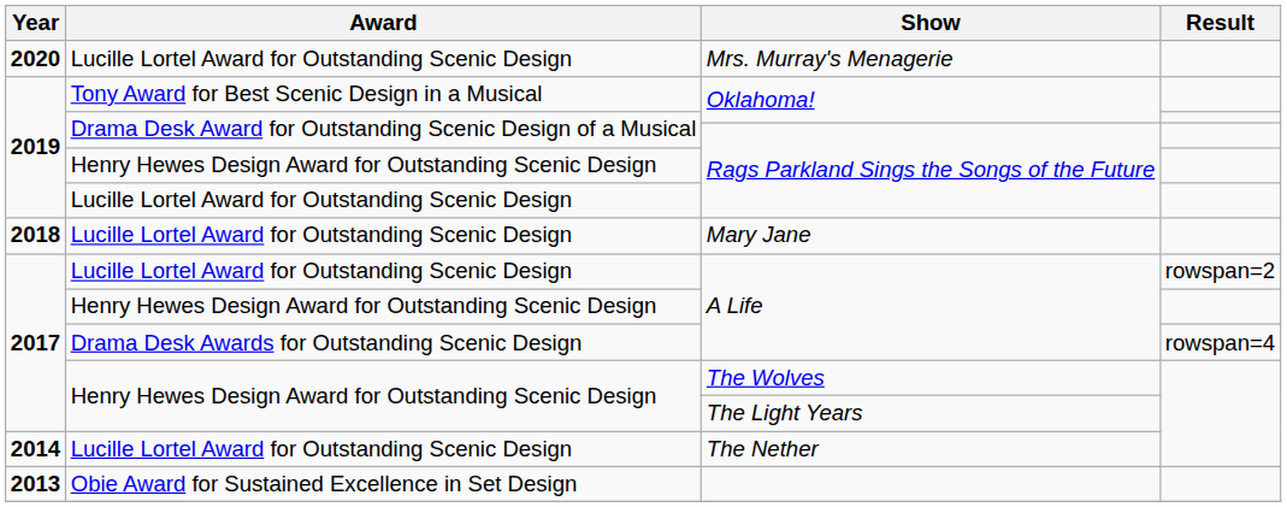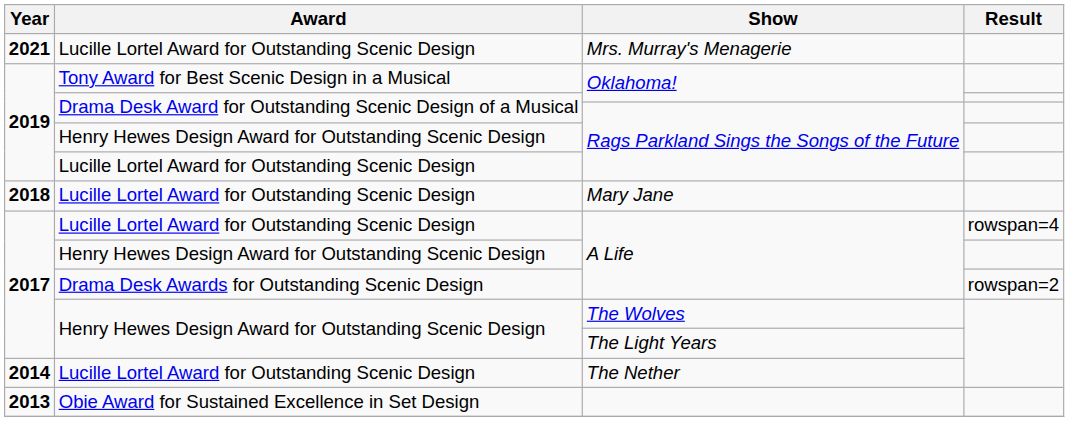 <table class="wikitable">
 <tr>
 <th>Year</th>
 <th>Award</th>
 <th>Show</th>
 <th>Result</th>
 </tr>
 <tr>
-<td><strong>2020</strong></td>
+<td><strong>2021</strong></td>
 <td>Lucille Lortel Award for Outstanding Scenic Design</td>
 <td><em>Mrs. Murray's Menagerie</em></td>
 <td></td>
 </tr>
 <tr>
 <td rowspan=5><strong>2019</strong></td>
 <td><a href='#'>Tony Award</a> for Best Scenic Design in a Musical</td>
 <td rowspan=2><em><a href='#'>Oklahoma!</a></em></td>
 <td></td>
 </tr>
 <tr>
 <td rowspan=2><a href='#'>Drama Desk Award</a> for Outstanding Scenic Design of a Musical</td>
 <td></td>
 </tr>
 <tr>
 <td rowspan=3><em><a href='#'>Rags Parkland Sings the Songs of the Future</a></em></td>
 <td></td>
 </tr>
 <tr>
 <td>Henry Hewes Design Award for Outstanding Scenic Design</td>
 <td></td>
 </tr>
 <tr>
 <td>Lucille Lortel Award for Outstanding Scenic Design</td>
 <td></td>
 </tr>
 <tr>
 <td><strong>2018</strong></td>
 <td><a href='#'>Lucille Lortel Award</a> for Outstanding Scenic Design</td>
 <td><em>Mary Jane</em></td>
 <td></td>
 </tr>
 <tr>
 <td rowspan=5><strong>2017</strong></td>
 <td><a href='#'>Lucille Lortel Award</a> for Outstanding Scenic Design</td>
 <td rowspan=3><em>A Life</em></td>
-<td>rowspan=2 </td>
+<td>rowspan=4 </td>
 </tr>
 <tr>
 <td>Henry Hewes Design Award for Outstanding Scenic Design</td>
 </tr>
 <tr>
 <td><a href='#'>Drama Desk Awards</a> for Outstanding Scenic Design</td>
-<td>rowspan=4 </td>
+<td>rowspan=2 </td>
 </tr>
 <tr>
 <td rowspan=2>Henry Hewes Design Award for Outstanding Scenic Design</td>
 <td><em><a href='#'>The Wolves</a></em></td>
 </tr>
 <tr>
 <td><em>The Light Years</em></td>
 </tr>
 <tr>
 <td><strong>2014</strong></td>
 <td><a href='#'>Lucille Lortel Award</a> for Outstanding Scenic Design</td>
 <td><em>The Nether</em></td>
 </tr>
 <tr>
 <td><strong>2013</strong></td>
 <td><a href='#'>Obie Award</a> for Sustained Excellence in Set Design</td>
 <td></td>
 <td></td>
 </tr>
 <tr>
 </tr>
 </table>
